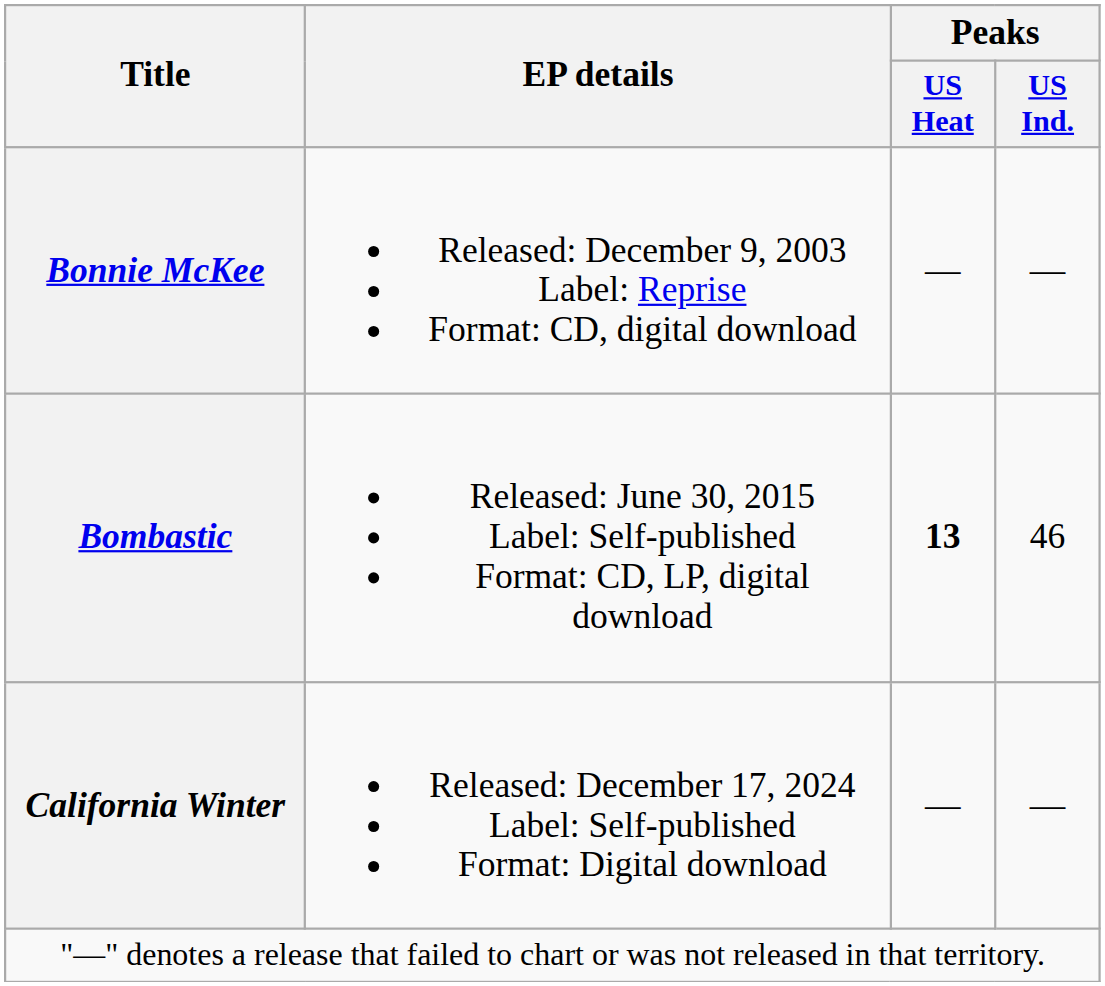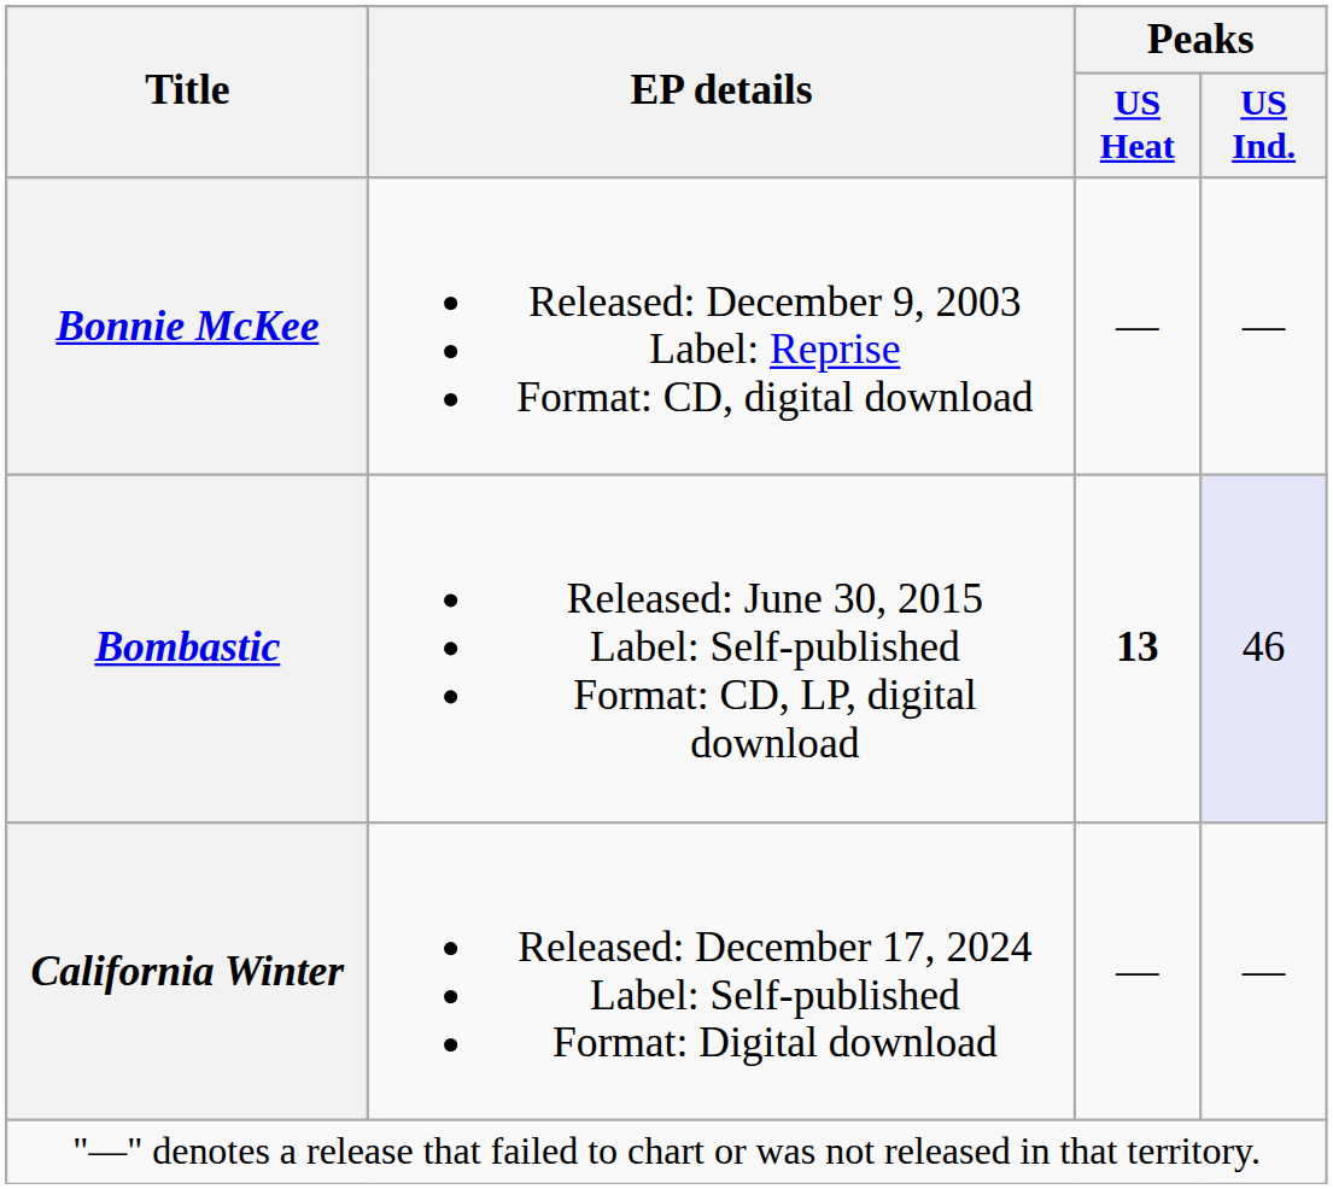 <table class="wikitable plainrowheaders" style="text-align:center;">
 <tr>
 <th scope="col" rowspan="2" style="width:8em;">Title</th>
 <th scope="col" rowspan="2" style="width:16em;">EP details</th>
 <th scope="col" colspan="2">Peaks</th>
 </tr>
 <tr>
 <th scope="col" style="width:3em;font-size:85%;"><a href='#'>US<br>Heat</a></th>
 <th scope="col" style="width:3em;font-size:85%;"><a href='#'>US<br>Ind.</a></th>
 </tr>
 <tr>
 <th scope="row"><em><a href='#'>Bonnie McKee</a></em></th>
 <td><br><ul><li>Released: December 9, 2003</li><li>Label: <a href='#'>Reprise</a></li><li>Format: CD, digital download</li></ul></td>
 <td>—</td>
 <td>—</td>
 </tr>
 <tr>
 <th scope="row"><em><a href='#'>Bombastic</a></em></th>
 <td><br><ul><li>Released: June 30, 2015</li><li>Label: Self-published</li><li>Format: CD, LP, digital download</li></ul></td>
 <td><strong>13</strong></td>
-<td>46</td>
+<td style="background: lavender;">46</td>
 </tr>
 <tr>
 <th scope="row"><em>California Winter</em></th>
 <td><br><ul><li>Released: December 17, 2024</li><li>Label: Self-published</li><li>Format: Digital download</li></ul></td>
 <td>—</td>
 <td>—</td>
 </tr>
 <tr>
 <td colspan="5" style="font-size:90%">"—" denotes a release that failed to chart or was not released in that territory.</td>
 </tr>
 </table>
